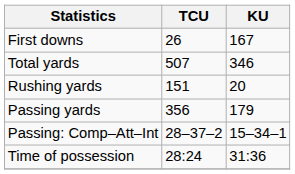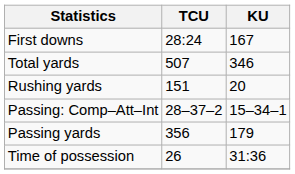 <table class="wikitable" style="float: left;">
 <tr>
 <th>Statistics</th>
 <th>TCU</th>
 <th>KU</th>
 </tr>
 <tr>
 <td>First downs</td>
-<td>26</td>
+<td>28:24</td>
 <td>167</td>
 </tr>
 <tr>
 <td>Total yards</td>
 <td>507</td>
 <td>346</td>
 </tr>
 <tr>
 <td>Rushing yards</td>
 <td>151</td>
 <td>20</td>
 </tr>
 <tr>
+<td>Passing: Comp–Att–Int</td>
+<td>28–37–2</td>
+<td>15–34–1</td>
+</tr>
+<tr>
 <td>Passing yards</td>
 <td>356</td>
 <td>179</td>
 </tr>
 <tr>
-<td>Passing: Comp–Att–Int</td>
-<td>28–37–2</td>
-<td>15–34–1</td>
-</tr>
-<tr>
 <td>Time of possession</td>
-<td>28:24</td>
+<td>26</td>
 <td>31:36</td>
 </tr>
 <tr>
 </tr>
 </table>
